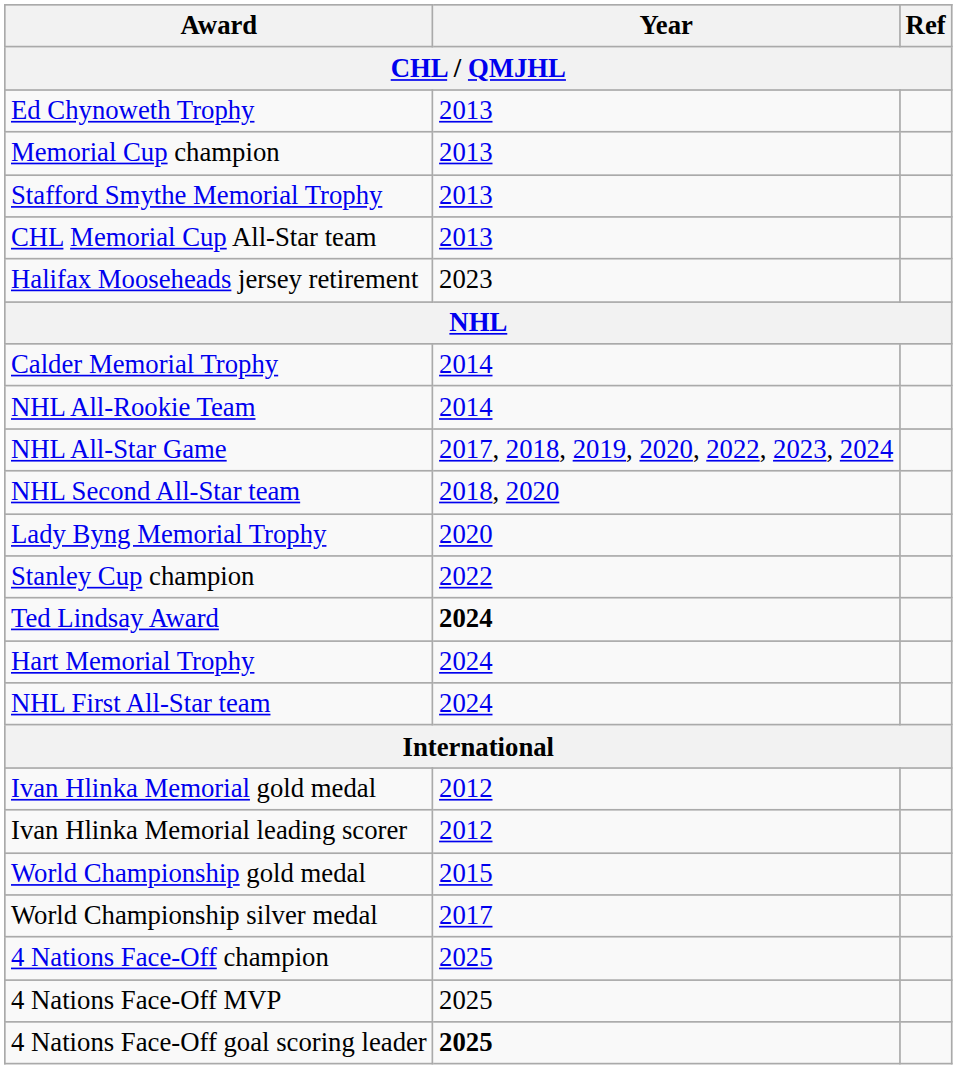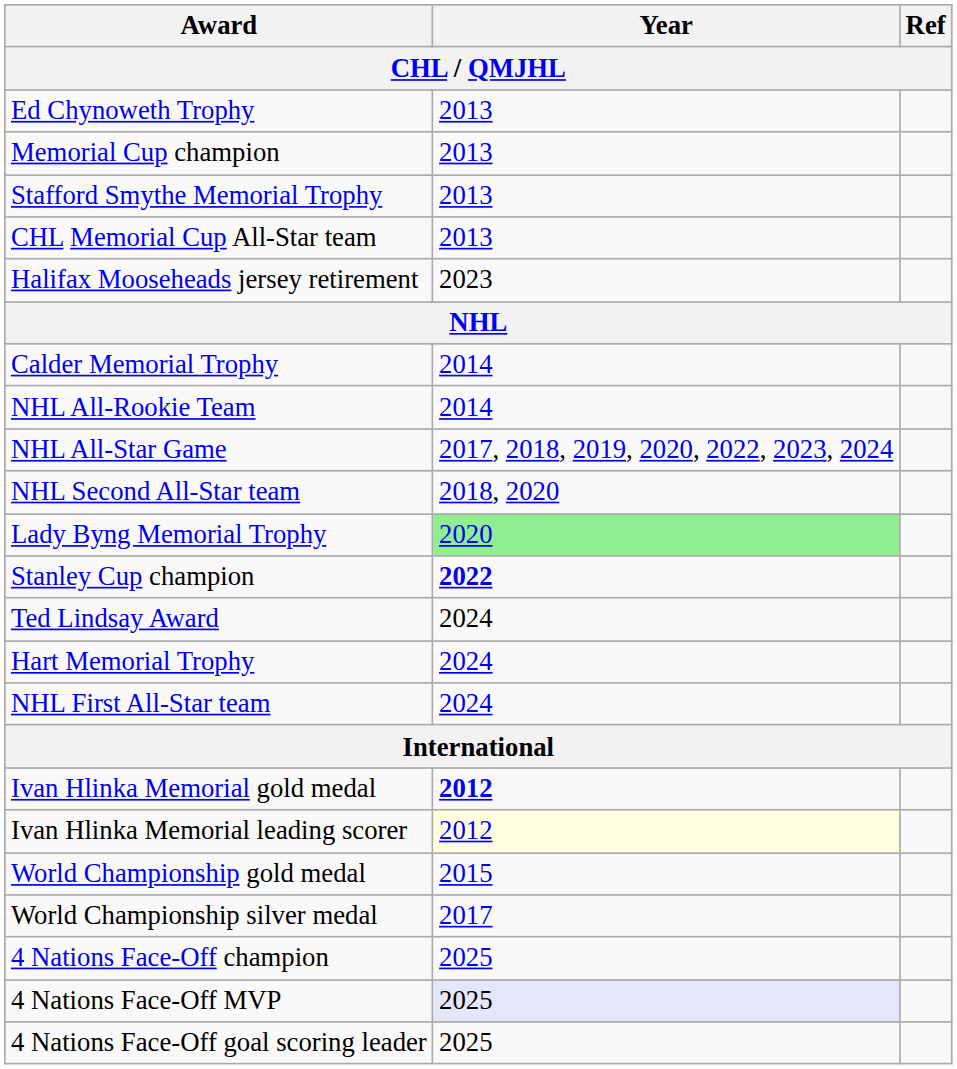 <table class="wikitable">
 <tr>
 <th>Award</th>
 <th>Year</th>
 <th>Ref</th>
 </tr>
 <tr>
 <th colspan="3"><a href='#'>CHL</a> / <a href='#'>QMJHL</a></th>
 </tr>
 <tr>
 <td><a href='#'>Ed Chynoweth Trophy</a></td>
 <td><a href='#'>2013</a></td>
 <td></td>
 </tr>
 <tr>
 <td><a href='#'>Memorial Cup</a> champion</td>
 <td><a href='#'>2013</a></td>
 <td></td>
 </tr>
 <tr>
 <td><a href='#'>Stafford Smythe Memorial Trophy</a></td>
 <td><a href='#'>2013</a></td>
 <td></td>
 </tr>
 <tr>
 <td><a href='#'>CHL</a> <a href='#'>Memorial Cup</a> All-Star team</td>
 <td><a href='#'>2013</a></td>
 <td></td>
 </tr>
 <tr>
 <td><a href='#'>Halifax Mooseheads</a> jersey retirement</td>
 <td>2023</td>
 <td></td>
 </tr>
 <tr>
 <th colspan="3"><a href='#'>NHL</a></th>
 </tr>
 <tr>
 <td><a href='#'>Calder Memorial Trophy</a></td>
 <td><a href='#'>2014</a></td>
 <td></td>
 </tr>
 <tr>
 <td><a href='#'>NHL All-Rookie Team</a></td>
 <td><a href='#'>2014</a></td>
 <td></td>
 </tr>
 <tr>
 <td><a href='#'>NHL All-Star Game</a></td>
 <td><a href='#'>2017</a>, <a href='#'>2018</a>, <a href='#'>2019</a>, <a href='#'>2020</a>, <a href='#'>2022</a>, <a href='#'>2023</a>, <a href='#'>2024</a></td>
 <td></td>
 </tr>
 <tr>
 <td><a href='#'>NHL Second All-Star team</a></td>
 <td><a href='#'>2018</a>, <a href='#'>2020</a></td>
 <td></td>
 </tr>
 <tr>
 <td><a href='#'>Lady Byng Memorial Trophy</a></td>
-<td><a href='#'>2020</a></td>
+<td style="background: lightgreen;"><a href='#'>2020</a></td>
 <td></td>
 </tr>
 <tr>
 <td><a href='#'>Stanley Cup</a> champion</td>
-<td><a href='#'>2022</a></td>
+<td><strong><a href='#'>2022</a></strong></td>
 <td></td>
 </tr>
 <tr>
 <td><a href='#'>Ted Lindsay Award</a></td>
-<td><strong>2024</strong></td>
+<td>2024</td>
 <td></td>
 </tr>
 <tr>
 <td><a href='#'>Hart Memorial Trophy</a></td>
 <td><a href='#'>2024</a></td>
 <td></td>
 </tr>
 <tr>
 <td><a href='#'>NHL First All-Star team</a></td>
 <td><a href='#'>2024</a></td>
 <td></td>
 </tr>
 <tr>
 <th colspan="3">International</th>
 </tr>
 <tr>
 <td><a href='#'>Ivan Hlinka Memorial</a> gold medal</td>
-<td><a href='#'>2012</a></td>
+<td><strong><a href='#'>2012</a></strong></td>
 <td></td>
 </tr>
 <tr>
 <td>Ivan Hlinka Memorial leading scorer</td>
-<td><a href='#'>2012</a></td>
+<td style="background: lightyellow;"><a href='#'>2012</a></td>
 <td></td>
 </tr>
 <tr>
 <td><a href='#'>World Championship</a> gold medal</td>
 <td><a href='#'>2015</a></td>
 <td></td>
 </tr>
 <tr>
 <td>World Championship silver medal</td>
 <td><a href='#'>2017</a></td>
 <td></td>
 </tr>
 <tr>
 <td><a href='#'>4 Nations Face-Off</a> champion</td>
 <td><a href='#'>2025</a></td>
 <td></td>
 </tr>
 <tr>
 <td>4 Nations Face-Off MVP</td>
-<td>2025</td>
+<td style="background: lavender;">2025</td>
 <td></td>
 </tr>
 <tr>
 <td>4 Nations Face-Off goal scoring leader</td>
-<td><strong>2025</strong></td>
+<td>2025</td>
 <td></td>
 </tr>
 </table>
